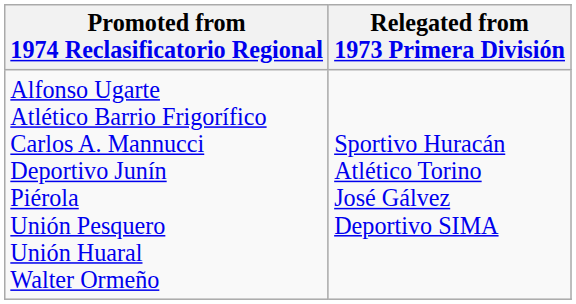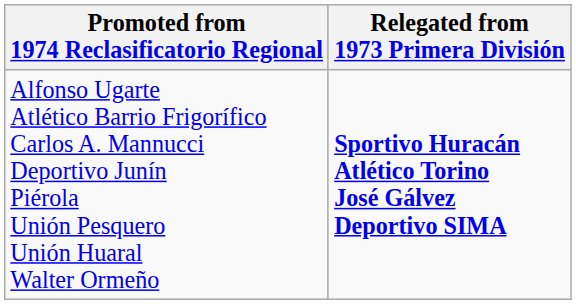 <table class="wikitable">
 <tr>
 <th>Promoted from<br><a href='#'>1974 Reclasificatorio Regional</a></th>
 <th>Relegated from<br><a href='#'>1973 Primera División</a></th>
 </tr>
 <tr>
 <td> <a href='#'>Alfonso Ugarte</a><br> <a href='#'>Atlético Barrio Frigorífico</a><br> <a href='#'>Carlos A. Mannucci</a><br> <a href='#'>Deportivo Junín</a><br> <a href='#'>Piérola</a><br> <a href='#'>Unión Pesquero</a><br> <a href='#'>Unión Huaral</a><br> <a href='#'>Walter Ormeño</a></td>
-<td> <a href='#'>Sportivo Huracán</a> <br> <a href='#'>Atlético Torino</a> <br> <a href='#'>José Gálvez</a> <br> <a href='#'>Deportivo SIMA</a> </td>
+<td><strong> <a href='#'>Sportivo Huracán</a> <br> <a href='#'>Atlético Torino</a> <br> <a href='#'>José Gálvez</a> <br> <a href='#'>Deportivo SIMA</a> </strong></td>
 </tr>
 </table>
